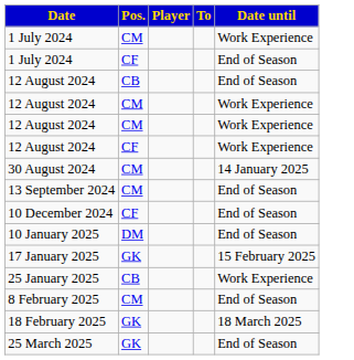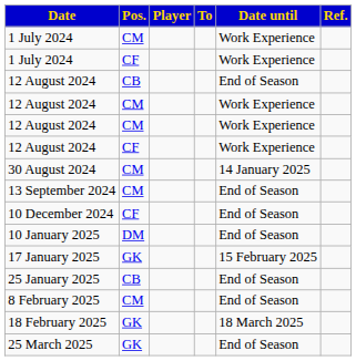 <table class="wikitable plainrowheaders sortable">
 <tr>
 <th style="background:mediumblue;color:gold;">Date</th>
 <th style="background:mediumblue;color:gold;">Pos.</th>
 <th style="background:mediumblue;color:gold;">Player</th>
 <th style="background:mediumblue;color:gold;">To</th>
 <th style="background:mediumblue;color:gold;">Date until</th>
+<th style="background:mediumblue;color:gold;">Ref.</th>
 </tr>
 <tr>
 <td>1 July 2024</td>
 <td><a href='#'>CM</a></td>
 <td></td>
 <td></td>
 <td>Work Experience</td>
+<td></td>
 </tr>
 <tr>
 <td>1 July 2024</td>
 <td><a href='#'>CF</a></td>
 <td></td>
 <td></td>
-<td>End of Season</td>
+<td>Work Experience</td>
+<td></td>
 </tr>
 <tr>
 <td>12 August 2024</td>
 <td><a href='#'>CB</a></td>
 <td></td>
 <td></td>
 <td>End of Season</td>
+<td></td>
 </tr>
 <tr>
 <td>12 August 2024</td>
 <td><a href='#'>CM</a></td>
 <td></td>
 <td></td>
 <td>Work Experience</td>
+<td></td>
 </tr>
 <tr>
 <td>12 August 2024</td>
 <td><a href='#'>CM</a></td>
 <td></td>
 <td></td>
 <td>Work Experience</td>
+<td></td>
 </tr>
 <tr>
 <td>12 August 2024</td>
 <td><a href='#'>CF</a></td>
 <td></td>
 <td></td>
 <td>Work Experience</td>
+<td></td>
 </tr>
 <tr>
 <td>30 August 2024</td>
 <td><a href='#'>CM</a></td>
 <td></td>
 <td></td>
 <td>14 January 2025</td>
+<td></td>
 </tr>
 <tr>
 <td>13 September 2024</td>
 <td><a href='#'>CM</a></td>
 <td></td>
 <td></td>
 <td>End of Season</td>
+<td></td>
 </tr>
 <tr>
 <td>10 December 2024</td>
 <td><a href='#'>CF</a></td>
 <td></td>
 <td></td>
 <td>End of Season</td>
+<td></td>
 </tr>
 <tr>
 <td>10 January 2025</td>
 <td><a href='#'>DM</a></td>
 <td></td>
 <td></td>
 <td>End of Season</td>
+<td></td>
 </tr>
 <tr>
 <td>17 January 2025</td>
 <td><a href='#'>GK</a></td>
 <td></td>
 <td></td>
 <td>15 February 2025</td>
+<td></td>
 </tr>
 <tr>
 <td>25 January 2025</td>
 <td><a href='#'>CB</a></td>
 <td></td>
 <td></td>
-<td>Work Experience</td>
+<td>End of Season</td>
+<td></td>
 </tr>
 <tr>
 <td>8 February 2025</td>
 <td><a href='#'>CM</a></td>
 <td></td>
 <td></td>
 <td>End of Season</td>
+<td></td>
 </tr>
 <tr>
 <td>18 February 2025</td>
 <td><a href='#'>GK</a></td>
 <td></td>
 <td></td>
 <td>18 March 2025</td>
+<td></td>
 </tr>
 <tr>
 <td>25 March 2025</td>
 <td><a href='#'>GK</a></td>
 <td></td>
 <td></td>
 <td>End of Season</td>
+<td></td>
 </tr>
 </table>
